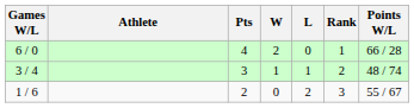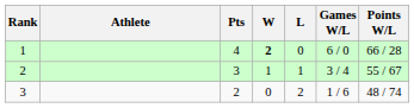 <table class="wikitable" style="text-align: center; font-size:90% ">
 <tr>
-<th width="40">Games<br>W/L</th>
+<th width="20">Rank</th>
 <th width="200">Athlete</th>
 <th width="30">Pts</th>
 <th width="30">W</th>
 <th width="30">L</th>
-<th width="20">Rank</th>
+<th width="40">Games<br>W/L</th>
 <th width="50">Points<br>W/L</th>
 </tr>
 <tr bgcolor=#ccffcc>
-<td>6 / 0</td>
+<td>1</td>
 <td align=left></td>
 <td>4</td>
-<td>2</td>
+<td><strong>2</strong></td>
 <td>0</td>
-<td>1</td>
+<td>6 / 0</td>
 <td>66 / 28</td>
 </tr>
 <tr bgcolor=#ccffcc>
-<td>3 / 4</td>
+<td>2</td>
 <td align=left></td>
 <td>3</td>
 <td>1</td>
 <td>1</td>
-<td>2</td>
-<td>48 / 74</td>
+<td>3 / 4</td>
+<td>55 / 67</td>
 </tr>
 <tr>
-<td>1 / 6</td>
+<td>3</td>
 <td align=left></td>
 <td>2</td>
 <td>0</td>
 <td>2</td>
-<td>3</td>
-<td>55 / 67</td>
+<td>1 / 6</td>
+<td>48 / 74</td>
 </tr>
 </table>
